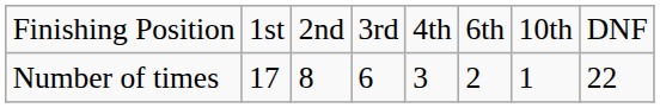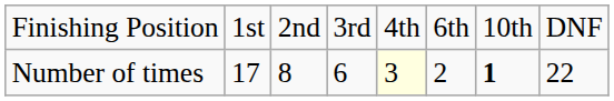 <table class="wikitable">
 <tr>
 <td>Finishing Position</td>
 <td>1st</td>
 <td>2nd</td>
 <td>3rd</td>
 <td>4th</td>
 <td>6th</td>
 <td>10th</td>
 <td>DNF</td>
 </tr>
 <tr>
 <td>Number of times</td>
 <td>17</td>
 <td>8</td>
 <td>6</td>
-<td>3</td>
+<td style="background: lightyellow;">3</td>
 <td>2</td>
-<td>1</td>
+<td><strong>1</strong></td>
 <td>22</td>
 </tr>
 </table>
